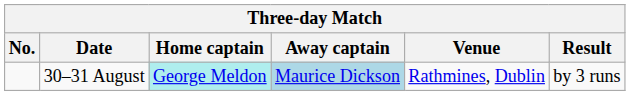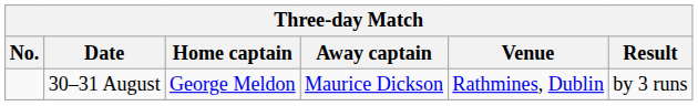 <table class="wikitable">
 <tr>
 <th colspan="9">Three-day Match</th>
 </tr>
 <tr>
 <th>No.</th>
 <th>Date</th>
 <th>Home captain</th>
 <th>Away captain</th>
 <th>Venue</th>
 <th>Result</th>
 </tr>
 <tr>
 <td></td>
 <td>30–31 August</td>
-<td style="background: paleturquoise;"><a href='#'>George Meldon</a></td>
-<td style="background: lightblue;"><a href='#'>Maurice Dickson</a></td>
+<td><a href='#'>George Meldon</a></td>
+<td><a href='#'>Maurice Dickson</a></td>
 <td><a href='#'>Rathmines</a>, <a href='#'>Dublin</a></td>
 <td> by 3 runs</td>
 </tr>
 </table>
